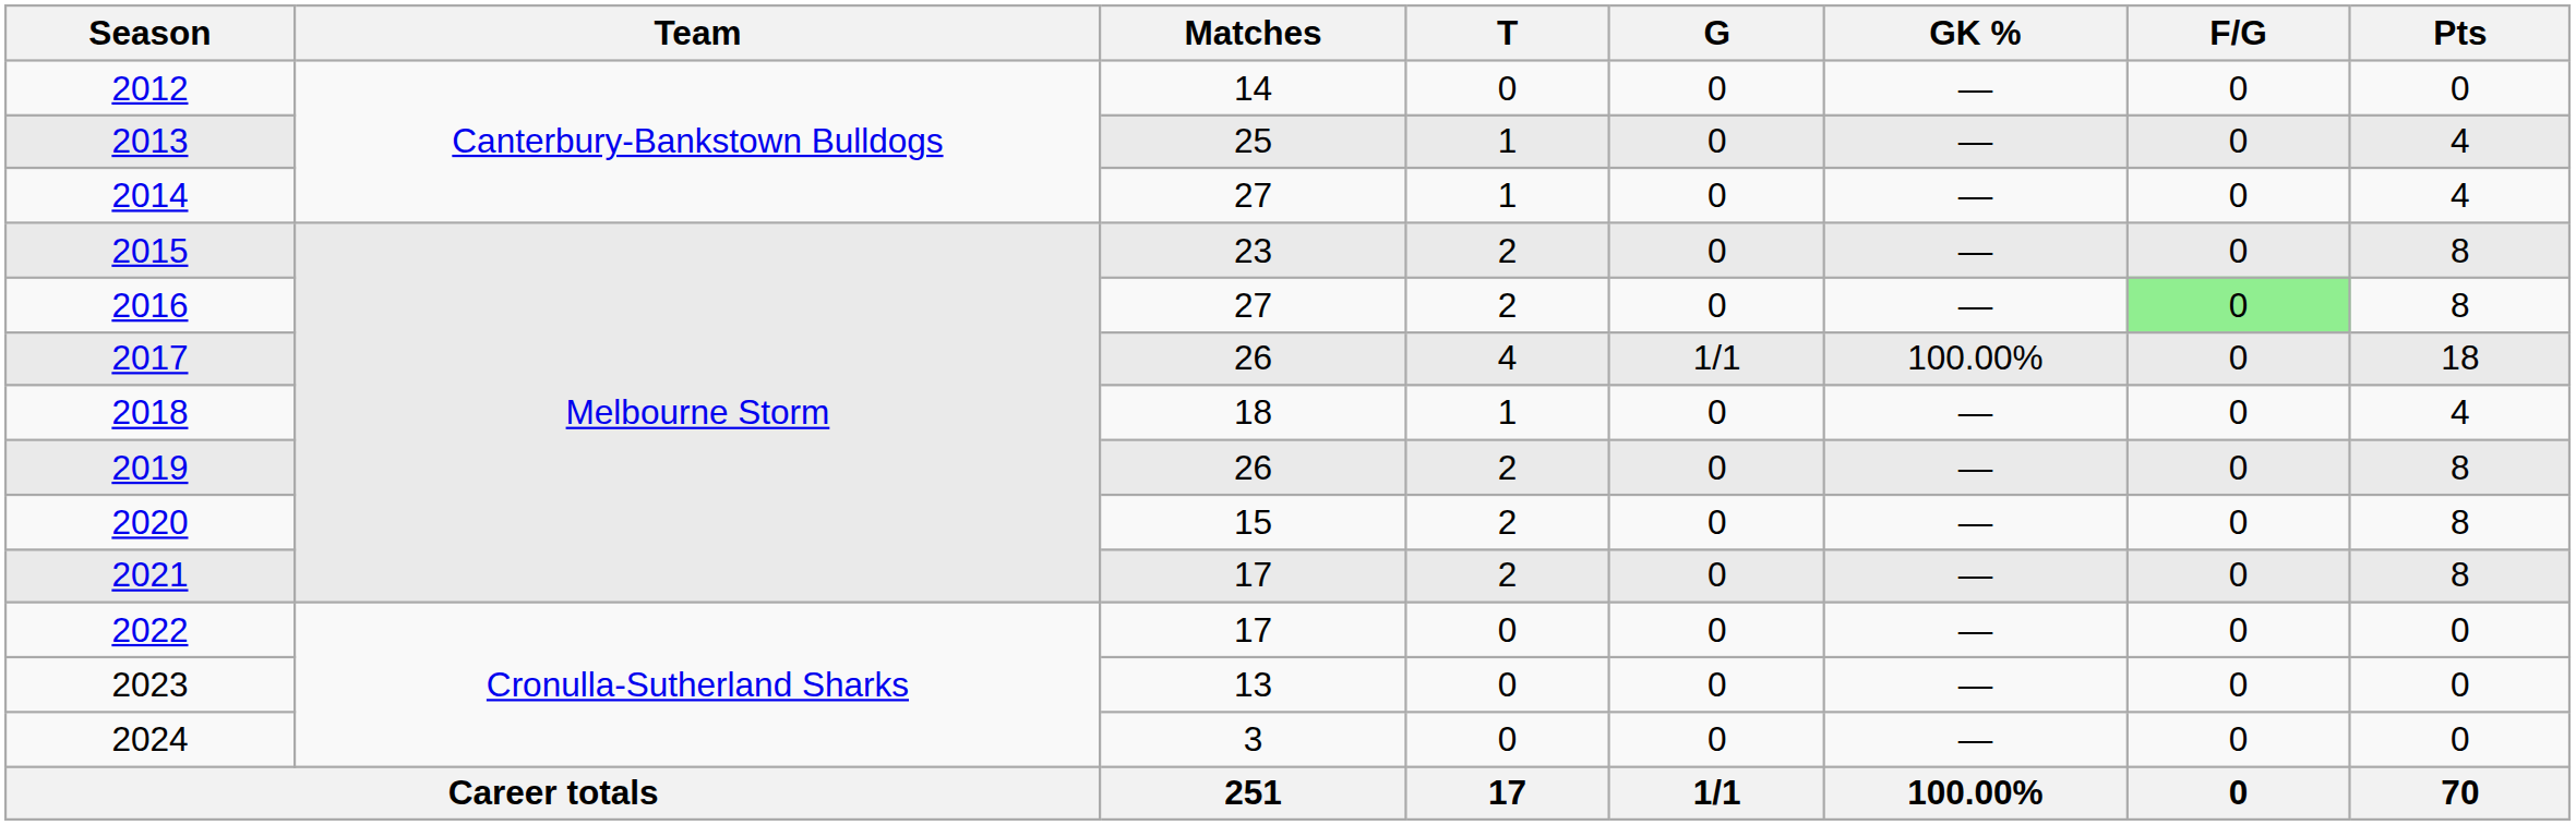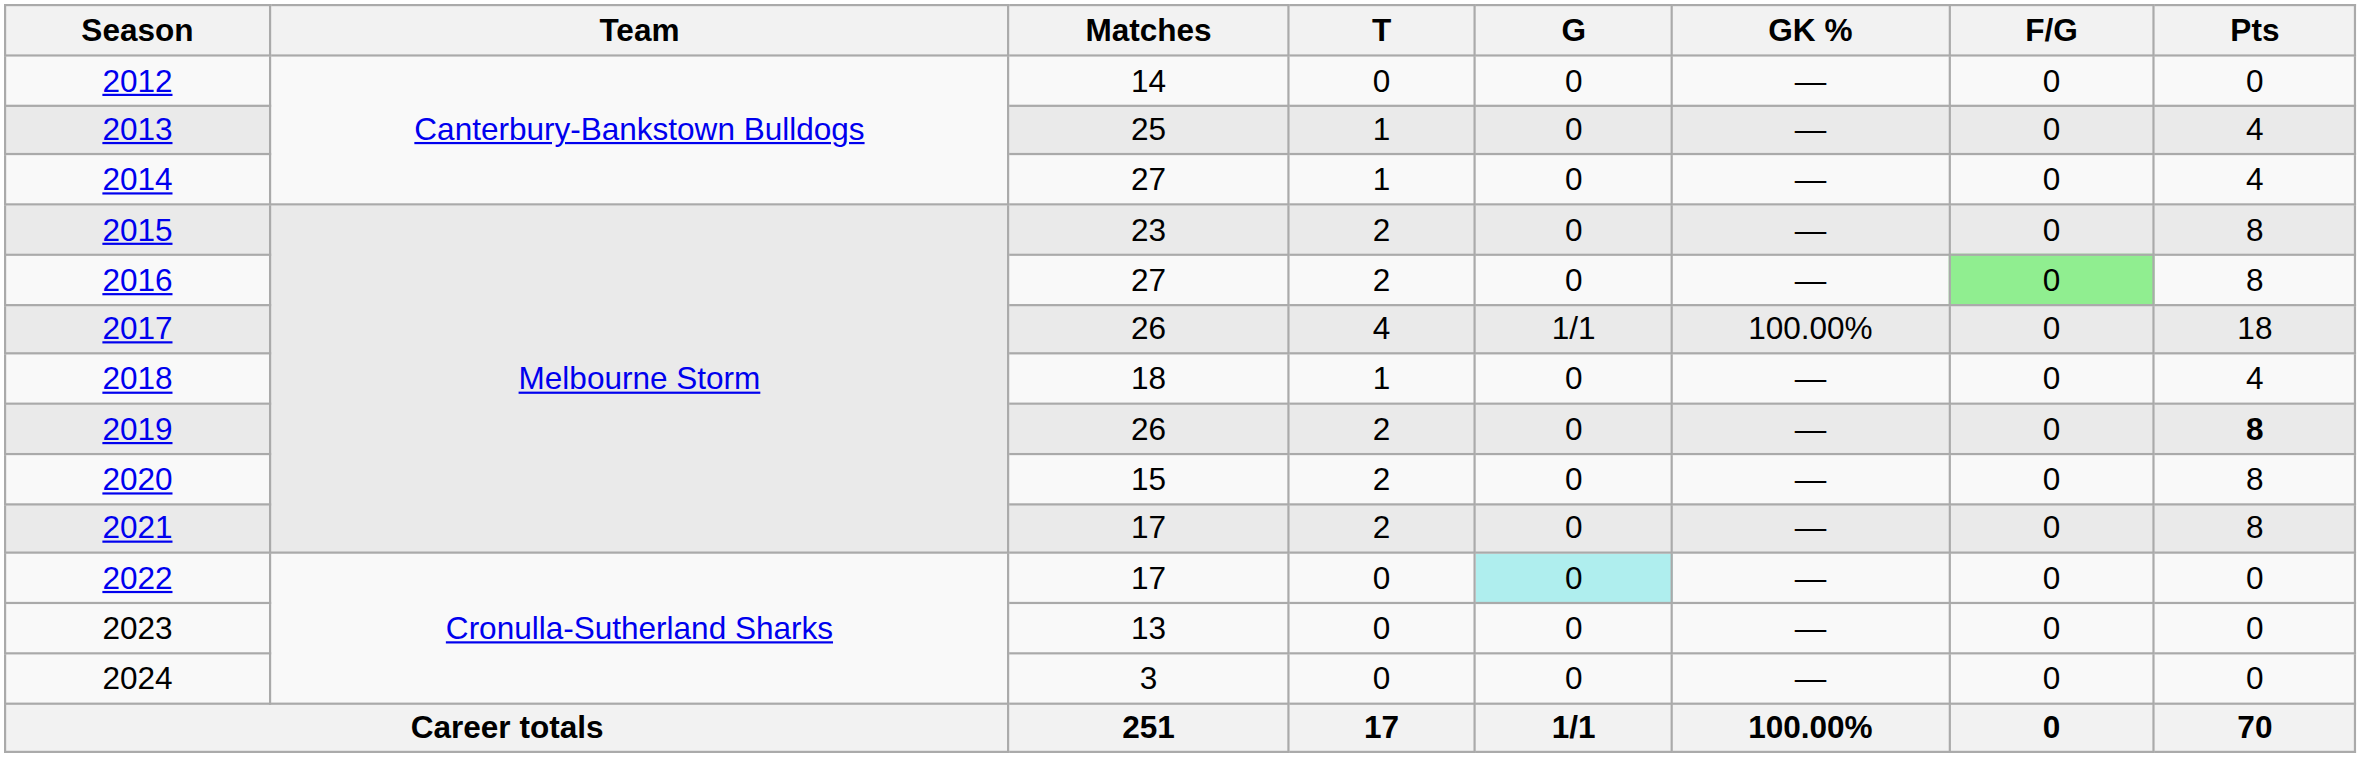 <table class="wikitable sortable"  style="font-size:90%; text-align:center; width:85%;">
 <tr>
 <th width=2%>Season</th>
 <th width=8%>Team</th>
 <th width=2%>Matches</th>
 <th width=2%>T</th>
 <th width=2%>G</th>
 <th width=2%>GK %</th>
 <th width=2%>F/G</th>
 <th width=2%>Pts</th>
 </tr>
 <tr>
 <td scope="row" style="text-align:center; font-weight:normal"><a href='#'>2012</a></td>
 <td rowspan="3" style="text-align:center;"> <a href='#'>Canterbury-Bankstown Bulldogs</a></td>
 <td>14</td>
 <td>0</td>
 <td>0</td>
 <td>—</td>
 <td>0</td>
 <td>0</td>
 </tr>
 <tr style="background:#eaeaea;">
 <td scope="row" style="text-align:center; font-weight:normal"><a href='#'>2013</a></td>
 <td>25</td>
 <td>1</td>
 <td>0</td>
 <td>—</td>
 <td>0</td>
 <td>4</td>
 </tr>
 <tr>
 <td scope="row" style="text-align:center; font-weight:normal"><a href='#'>2014</a></td>
 <td>27</td>
 <td>1</td>
 <td>0</td>
 <td>—</td>
 <td>0</td>
 <td>4</td>
 </tr>
 <tr style="background:#eaeaea;">
 <td scope="row" style="text-align:center; font-weight:normal"><a href='#'>2015</a></td>
 <td rowspan="7" style="text-align:center;"> <a href='#'>Melbourne Storm</a></td>
 <td>23</td>
 <td>2</td>
 <td>0</td>
 <td>—</td>
 <td>0</td>
 <td>8</td>
 </tr>
 <tr>
 <td scope="row" style="text-align:center; font-weight:normal"><a href='#'>2016</a></td>
 <td>27</td>
 <td>2</td>
 <td>0</td>
 <td>—</td>
 <td style="background: lightgreen;">0</td>
 <td>8</td>
 </tr>
 <tr style="background:#eaeaea;">
 <td scope="row" style="text-align:center; font-weight:normal"><a href='#'>2017</a></td>
 <td>26</td>
 <td>4</td>
 <td>1/1</td>
 <td>100.00%</td>
 <td>0</td>
 <td>18</td>
 </tr>
 <tr>
 <td scope="row" style="text-align:center; font-weight:normal"><a href='#'>2018</a></td>
 <td>18</td>
 <td>1</td>
 <td>0</td>
 <td>—</td>
 <td>0</td>
 <td>4</td>
 </tr>
 <tr style="background:#eaeaea;">
 <td scope="row" style="text-align:center; font-weight:normal"><a href='#'>2019</a></td>
 <td>26</td>
 <td>2</td>
 <td>0</td>
 <td>—</td>
 <td>0</td>
-<td>8</td>
+<td><strong>8</strong></td>
 </tr>
 <tr>
 <td scope="row" style="text-align:center; font-weight:normal"><a href='#'>2020</a></td>
 <td>15</td>
 <td>2</td>
 <td>0</td>
 <td>—</td>
 <td>0</td>
 <td>8</td>
 </tr>
 <tr style="background:#eaeaea;">
 <td scope="row" style="text-align:center; font-weight:normal"><a href='#'>2021</a></td>
 <td>17</td>
 <td>2</td>
 <td>0</td>
 <td>—</td>
 <td>0</td>
 <td>8</td>
 </tr>
 <tr>
 <td scope="row" style="text-align:center; font-weight:normal"><a href='#'>2022</a></td>
 <td rowspan="3" style="text-align:center;"> <a href='#'>Cronulla-Sutherland Sharks</a></td>
 <td>17</td>
 <td>0</td>
-<td>0</td>
+<td style="background: paleturquoise;">0</td>
 <td>—</td>
 <td>0</td>
 <td>0</td>
 </tr>
 <tr>
 <td>2023</td>
 <td>13</td>
 <td>0</td>
 <td>0</td>
 <td>—</td>
 <td>0</td>
 <td>0</td>
 </tr>
 <tr>
 <td>2024</td>
 <td>3</td>
 <td>0</td>
 <td>0</td>
 <td>—</td>
 <td>0</td>
 <td>0</td>
 </tr>
 <tr class="sortbottom">
 <th colspan="2">Career totals</th>
 <th>251</th>
 <th>17</th>
 <th>1/1</th>
 <th>100.00%</th>
 <th>0</th>
 <th>70</th>
 </tr>
 </table>
